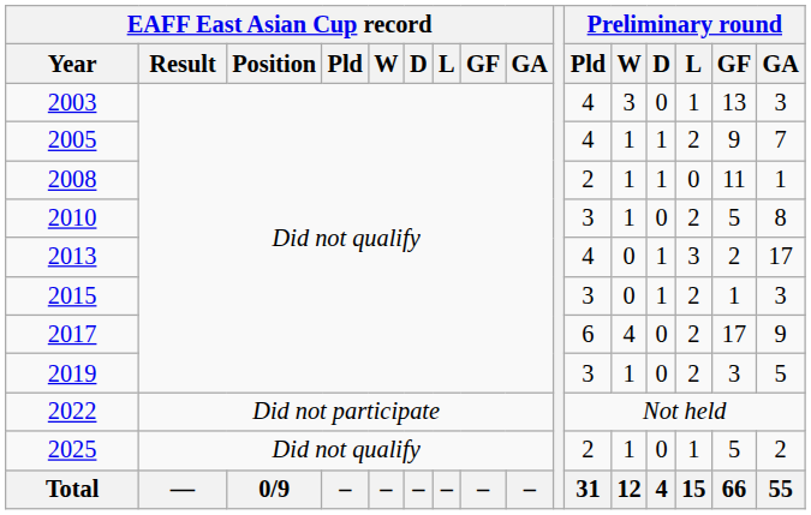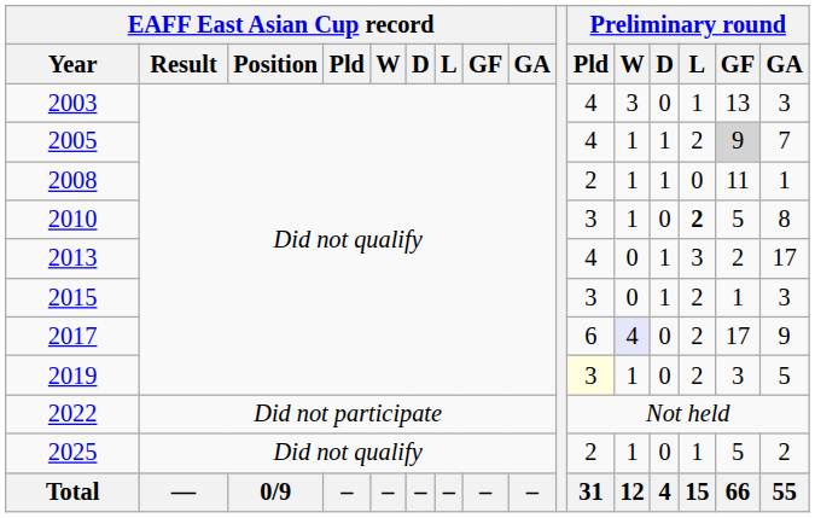 <table class="wikitable" style="text-align: center;">
 <tr>
 <th colspan=9><a href='#'>EAFF East Asian Cup</a> record</th>
 <th rowspan="18" style="width:1"></th>
 <th colspan=6><a href='#'>Preliminary round</a></th>
 </tr>
 <tr>
 <th width="80">Year</th>
 <th width="50">Result</th>
 <th width="20">Position</th>
 <th width="10">Pld</th>
 <th width="10">W</th>
 <th width="10">D</th>
 <th width="10">L</th>
 <th width="10">GF</th>
 <th width="10">GA</th>
 <th width="10">Pld</th>
 <th width="10">W</th>
 <th width="10">D</th>
 <th width="10">L</th>
 <th width="10">GF</th>
 <th width="10">GA</th>
 </tr>
 <tr>
 <td> <a href='#'>2003</a></td>
 <td colspan=8 rowspan=8><em>Did not qualify</em></td>
 <td>4</td>
 <td>3</td>
 <td>0</td>
 <td>1</td>
 <td>13</td>
 <td>3</td>
 </tr>
 <tr>
 <td> <a href='#'>2005</a></td>
 <td>4</td>
 <td>1</td>
 <td>1</td>
 <td>2</td>
-<td>9</td>
+<td style="background: lightgrey;">9</td>
 <td>7</td>
 </tr>
 <tr>
 <td> <a href='#'>2008</a></td>
 <td>2</td>
 <td>1</td>
 <td>1</td>
 <td>0</td>
 <td>11</td>
 <td>1</td>
 </tr>
 <tr>
 <td> <a href='#'>2010</a></td>
 <td>3</td>
 <td>1</td>
 <td>0</td>
-<td>2</td>
+<td><strong>2</strong></td>
 <td>5</td>
 <td>8</td>
 </tr>
 <tr>
 <td> <a href='#'>2013</a></td>
 <td>4</td>
 <td>0</td>
 <td>1</td>
 <td>3</td>
 <td>2</td>
 <td>17</td>
 </tr>
 <tr>
 <td> <a href='#'>2015</a></td>
 <td>3</td>
 <td>0</td>
 <td>1</td>
 <td>2</td>
 <td>1</td>
 <td>3</td>
 </tr>
 <tr>
 <td> <a href='#'>2017</a></td>
 <td>6</td>
-<td>4</td>
+<td style="background: lavender;">4</td>
 <td>0</td>
 <td>2</td>
 <td>17</td>
 <td>9</td>
 </tr>
 <tr>
 <td> <a href='#'>2019</a></td>
-<td>3</td>
+<td style="background: lightyellow;">3</td>
 <td>1</td>
 <td>0</td>
 <td>2</td>
 <td>3</td>
 <td>5</td>
 </tr>
 <tr>
 <td> <a href='#'>2022</a></td>
 <td colspan=8><em>Did not participate</em></td>
 <td colspan=6><em>Not held</em></td>
 </tr>
 <tr>
 <td> <a href='#'>2025</a></td>
 <td colspan=8><em>Did not qualify</em></td>
 <td>2</td>
 <td>1</td>
 <td>0</td>
 <td>1</td>
 <td>5</td>
 <td>2</td>
 </tr>
 <tr>
 <th>Total</th>
 <th>—</th>
 <th>0/9</th>
 <th>–</th>
 <th>–</th>
 <th>–</th>
 <th>–</th>
 <th>–</th>
 <th>–</th>
 <th>31</th>
 <th>12</th>
 <th>4</th>
 <th>15</th>
 <th>66</th>
 <th>55</th>
 </tr>
 </table>
